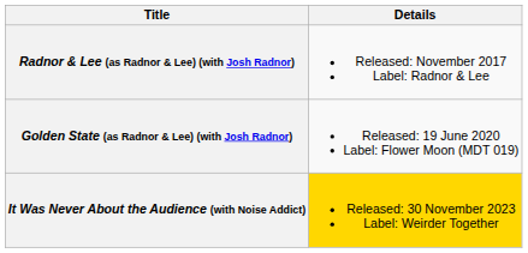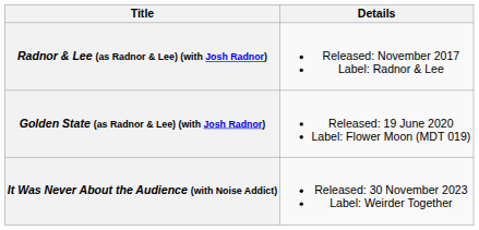 <table class="wikitable plainrowheaders" style="text-align:center">
 <tr>
 <th>Title</th>
 <th>Details</th>
 </tr>
 <tr>
 <th scope="row"><em>Radnor & Lee</em> <small>(as Radnor & Lee) (with <a href='#'>Josh Radnor</a>)</small></th>
 <td><br><ul><li>Released: November 2017</li><li>Label: Radnor & Lee</li></ul></td>
 </tr>
 <tr>
 <th scope="row"><em>Golden State</em> <small>(as Radnor & Lee) (with <a href='#'>Josh Radnor</a>)</small></th>
 <td><br><ul><li>Released: 19 June 2020</li><li>Label: Flower Moon (MDT 019)</li></ul></td>
 </tr>
 <tr>
 <th scope="row"><em>It Was Never About the Audience</em> <small>(with Noise Addict)</small></th>
-<td style="background: gold;"><br><ul><li>Released: 30 November 2023</li><li>Label: Weirder Together</li></ul></td>
+<td><br><ul><li>Released: 30 November 2023</li><li>Label: Weirder Together</li></ul></td>
 </tr>
 </table>
